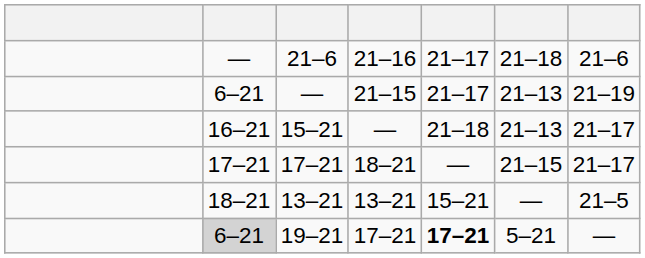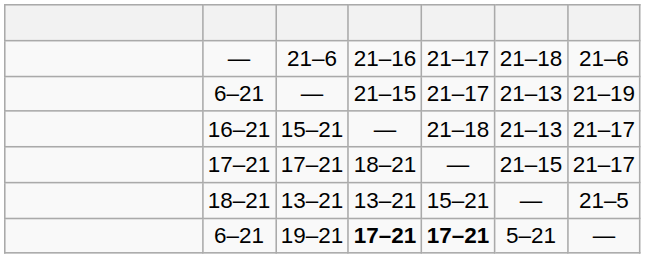 <table class="wikitable" style="text-align:center; font-size:90%;">
 <tr>
 <th width=120> </th>
 <th></th>
 <th></th>
 <th></th>
 <th></th>
 <th></th>
 <th></th>
 </tr>
 <tr>
 <td style="text-align:right;"></td>
 <td>—</td>
 <td>21–6</td>
 <td>21–16</td>
 <td>21–17</td>
 <td>21–18</td>
 <td>21–6</td>
 </tr>
 <tr>
 <td style="text-align:right;"></td>
 <td>6–21</td>
 <td>—</td>
 <td>21–15</td>
 <td>21–17</td>
 <td>21–13</td>
 <td>21–19</td>
 </tr>
 <tr>
 <td style="text-align:right;"></td>
 <td>16–21</td>
 <td>15–21</td>
 <td>—</td>
 <td>21–18</td>
 <td>21–13</td>
 <td>21–17</td>
 </tr>
 <tr>
 <td style="text-align:right;"></td>
 <td>17–21</td>
 <td>17–21</td>
 <td>18–21</td>
 <td>—</td>
 <td>21–15</td>
 <td>21–17</td>
 </tr>
 <tr>
 <td style="text-align:right;"></td>
 <td>18–21</td>
 <td>13–21</td>
 <td>13–21</td>
 <td>15–21</td>
 <td>—</td>
 <td>21–5</td>
 </tr>
 <tr>
 <td style="text-align:right;"></td>
-<td style="background: lightgrey;">6–21</td>
+<td>6–21</td>
 <td>19–21</td>
-<td>17–21</td>
+<td><strong>17–21</strong></td>
 <td><strong>17–21</strong></td>
 <td>5–21</td>
 <td>—</td>
 </tr>
 </table>
